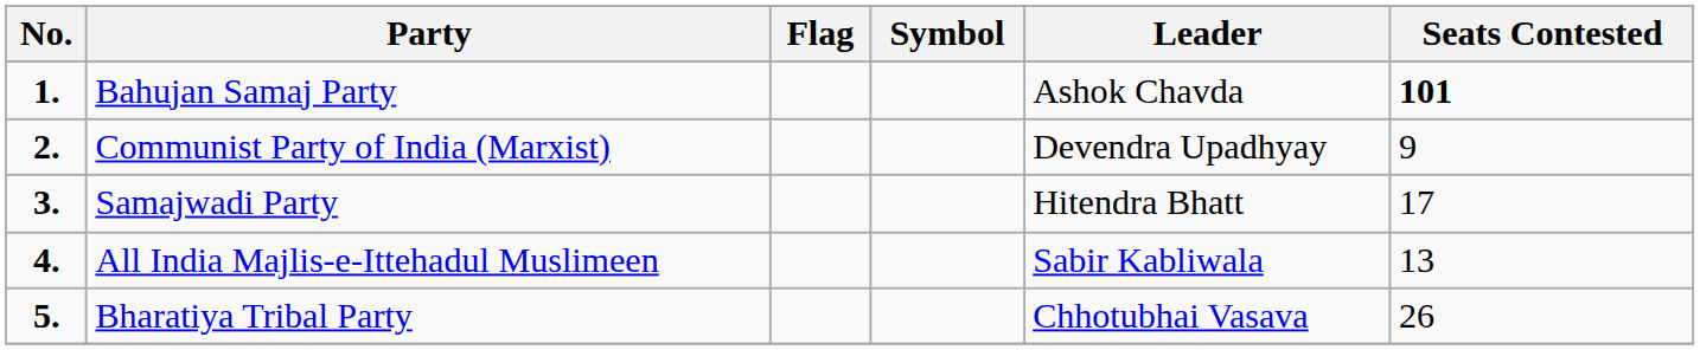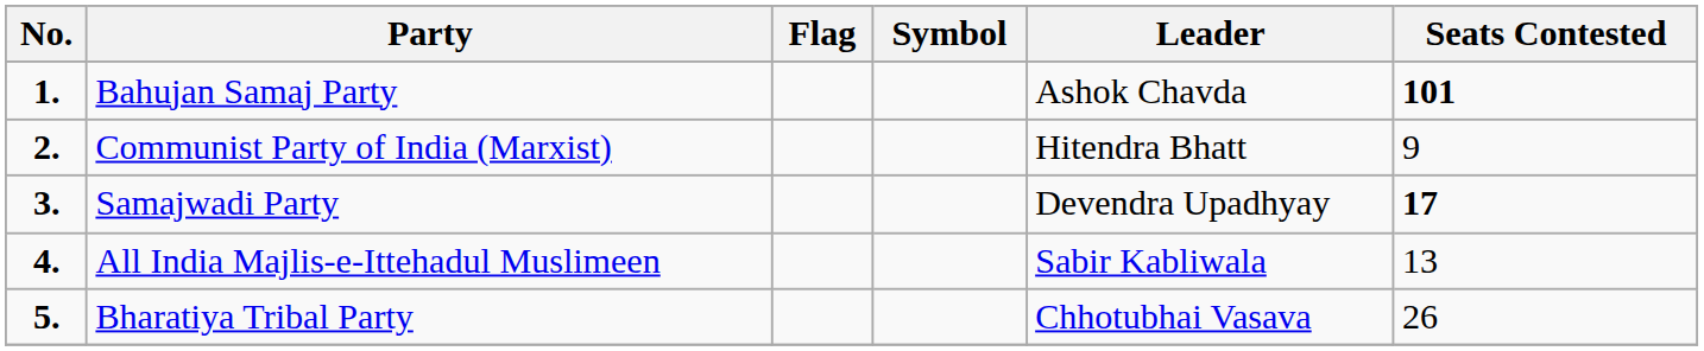 <table class="wikitable" width="60%">
 <tr>
 <th>No.</th>
 <th>Party</th>
 <th>Flag</th>
 <th>Symbol</th>
 <th>Leader</th>
 <th>Seats Contested</th>
 </tr>
 <tr>
 <td style="text-align:center; background:"><strong>1.</strong></td>
 <td><a href='#'>Bahujan Samaj Party</a></td>
 <td></td>
 <td></td>
 <td>Ashok Chavda</td>
 <td><strong>101</strong></td>
 </tr>
 <tr>
 <td style="text-align:center; background:"><strong>2.</strong></td>
 <td><a href='#'>Communist Party of India (Marxist)</a></td>
 <td></td>
 <td></td>
-<td>Devendra Upadhyay</td>
+<td>Hitendra Bhatt</td>
 <td>9</td>
 </tr>
 <tr>
 <td style="text-align:center; background:"><strong>3.</strong></td>
 <td><a href='#'>Samajwadi Party</a></td>
 <td></td>
 <td></td>
-<td>Hitendra Bhatt</td>
-<td>17</td>
+<td>Devendra Upadhyay</td>
+<td><strong>17</strong></td>
 </tr>
 <tr>
 <td style="text-align:center; background:"><strong>4.</strong></td>
 <td><a href='#'>All India Majlis-e-Ittehadul Muslimeen</a></td>
 <td></td>
 <td></td>
 <td><a href='#'>Sabir Kabliwala</a></td>
 <td>13</td>
 </tr>
 <tr>
 <td style="text-align:center; background:"><strong>5.</strong></td>
 <td><a href='#'>Bharatiya Tribal Party</a></td>
 <td></td>
 <td></td>
 <td><a href='#'>Chhotubhai Vasava</a></td>
 <td>26</td>
 </tr>
 <tr>
 </tr>
 </table>
